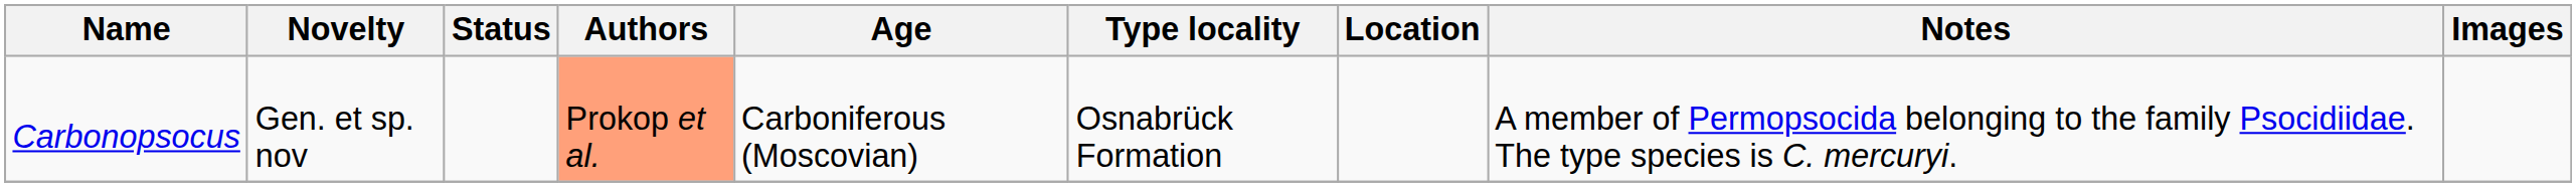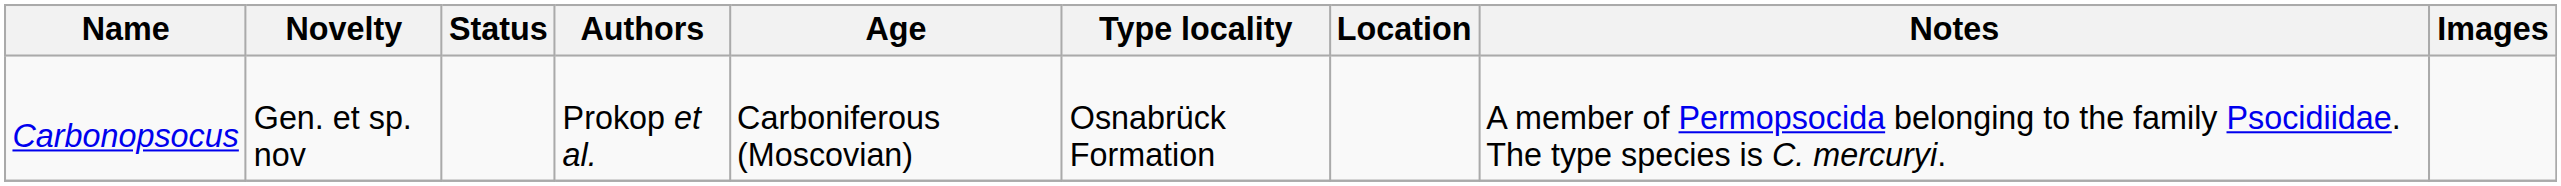 <table class="wikitable sortable" align="center" width="100%">
 <tr>
 <th>Name</th>
 <th>Novelty</th>
 <th>Status</th>
 <th>Authors</th>
 <th>Age</th>
 <th>Type locality</th>
 <th>Location</th>
 <th>Notes</th>
 <th>Images</th>
 </tr>
 <tr>
 <td><br><em><a href='#'>Carbonopsocus</a></em></td>
 <td><br>Gen. et sp. nov</td>
 <td></td>
-<td style="background: lightsalmon;"><br>Prokop <em>et al.</em></td>
+<td><br>Prokop <em>et al.</em></td>
 <td><br>Carboniferous (Moscovian)</td>
 <td><br>Osnabrück Formation</td>
 <td><br></td>
 <td><br>A member of <a href='#'>Permopsocida</a> belonging to the family <a href='#'>Psocidiidae</a>. The type species is <em>C. mercuryi</em>.</td>
 <td></td>
 </tr>
 <tr>
 </tr>
 </table>
